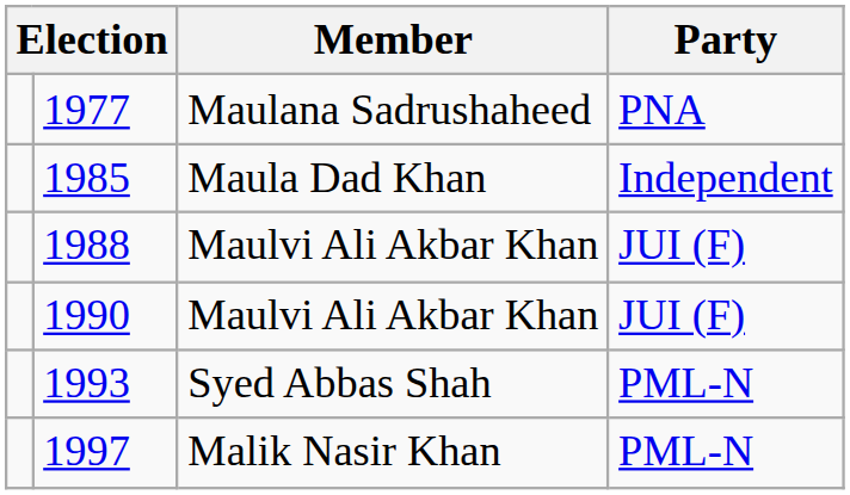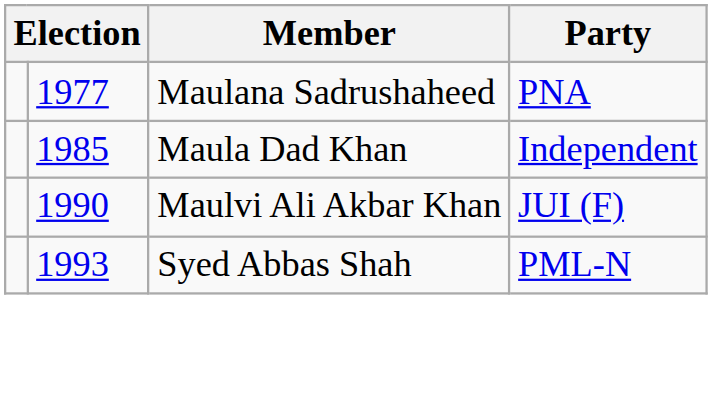 <table class="wikitable">
 <tr>
 <th colspan="2">Election</th>
 <th>Member</th>
 <th>Party</th>
 </tr>
 <tr>
 <td style="background-color: "></td>
 <td><a href='#'>1977</a></td>
 <td>Maulana Sadrushaheed</td>
 <td><a href='#'>PNA</a></td>
 </tr>
 <tr>
 <td style="background-color: "></td>
 <td><a href='#'>1985</a></td>
 <td>Maula Dad Khan</td>
 <td><a href='#'>Independent</a></td>
 </tr>
 <tr>
 <td style="background-color: "></td>
-<td><a href='#'>1988</a></td>
-<td>Maulvi Ali Akbar Khan</td>
-<td><a href='#'>JUI (F)</a></td>
-</tr>
-<tr>
-<td style="background-color: "></td>
 <td><a href='#'>1990</a></td>
 <td>Maulvi Ali Akbar Khan</td>
 <td><a href='#'>JUI (F)</a></td>
 </tr>
 <tr>
 <td style="background-color: "></td>
 <td><a href='#'>1993</a></td>
 <td>Syed Abbas Shah</td>
 <td><a href='#'>PML-N</a></td>
 </tr>
-<tr>
-<td style="background-color: "></td>
-<td><a href='#'>1997</a></td>
-<td>Malik Nasir Khan</td>
-<td><a href='#'>PML-N</a></td>
-</tr>
 </table>
